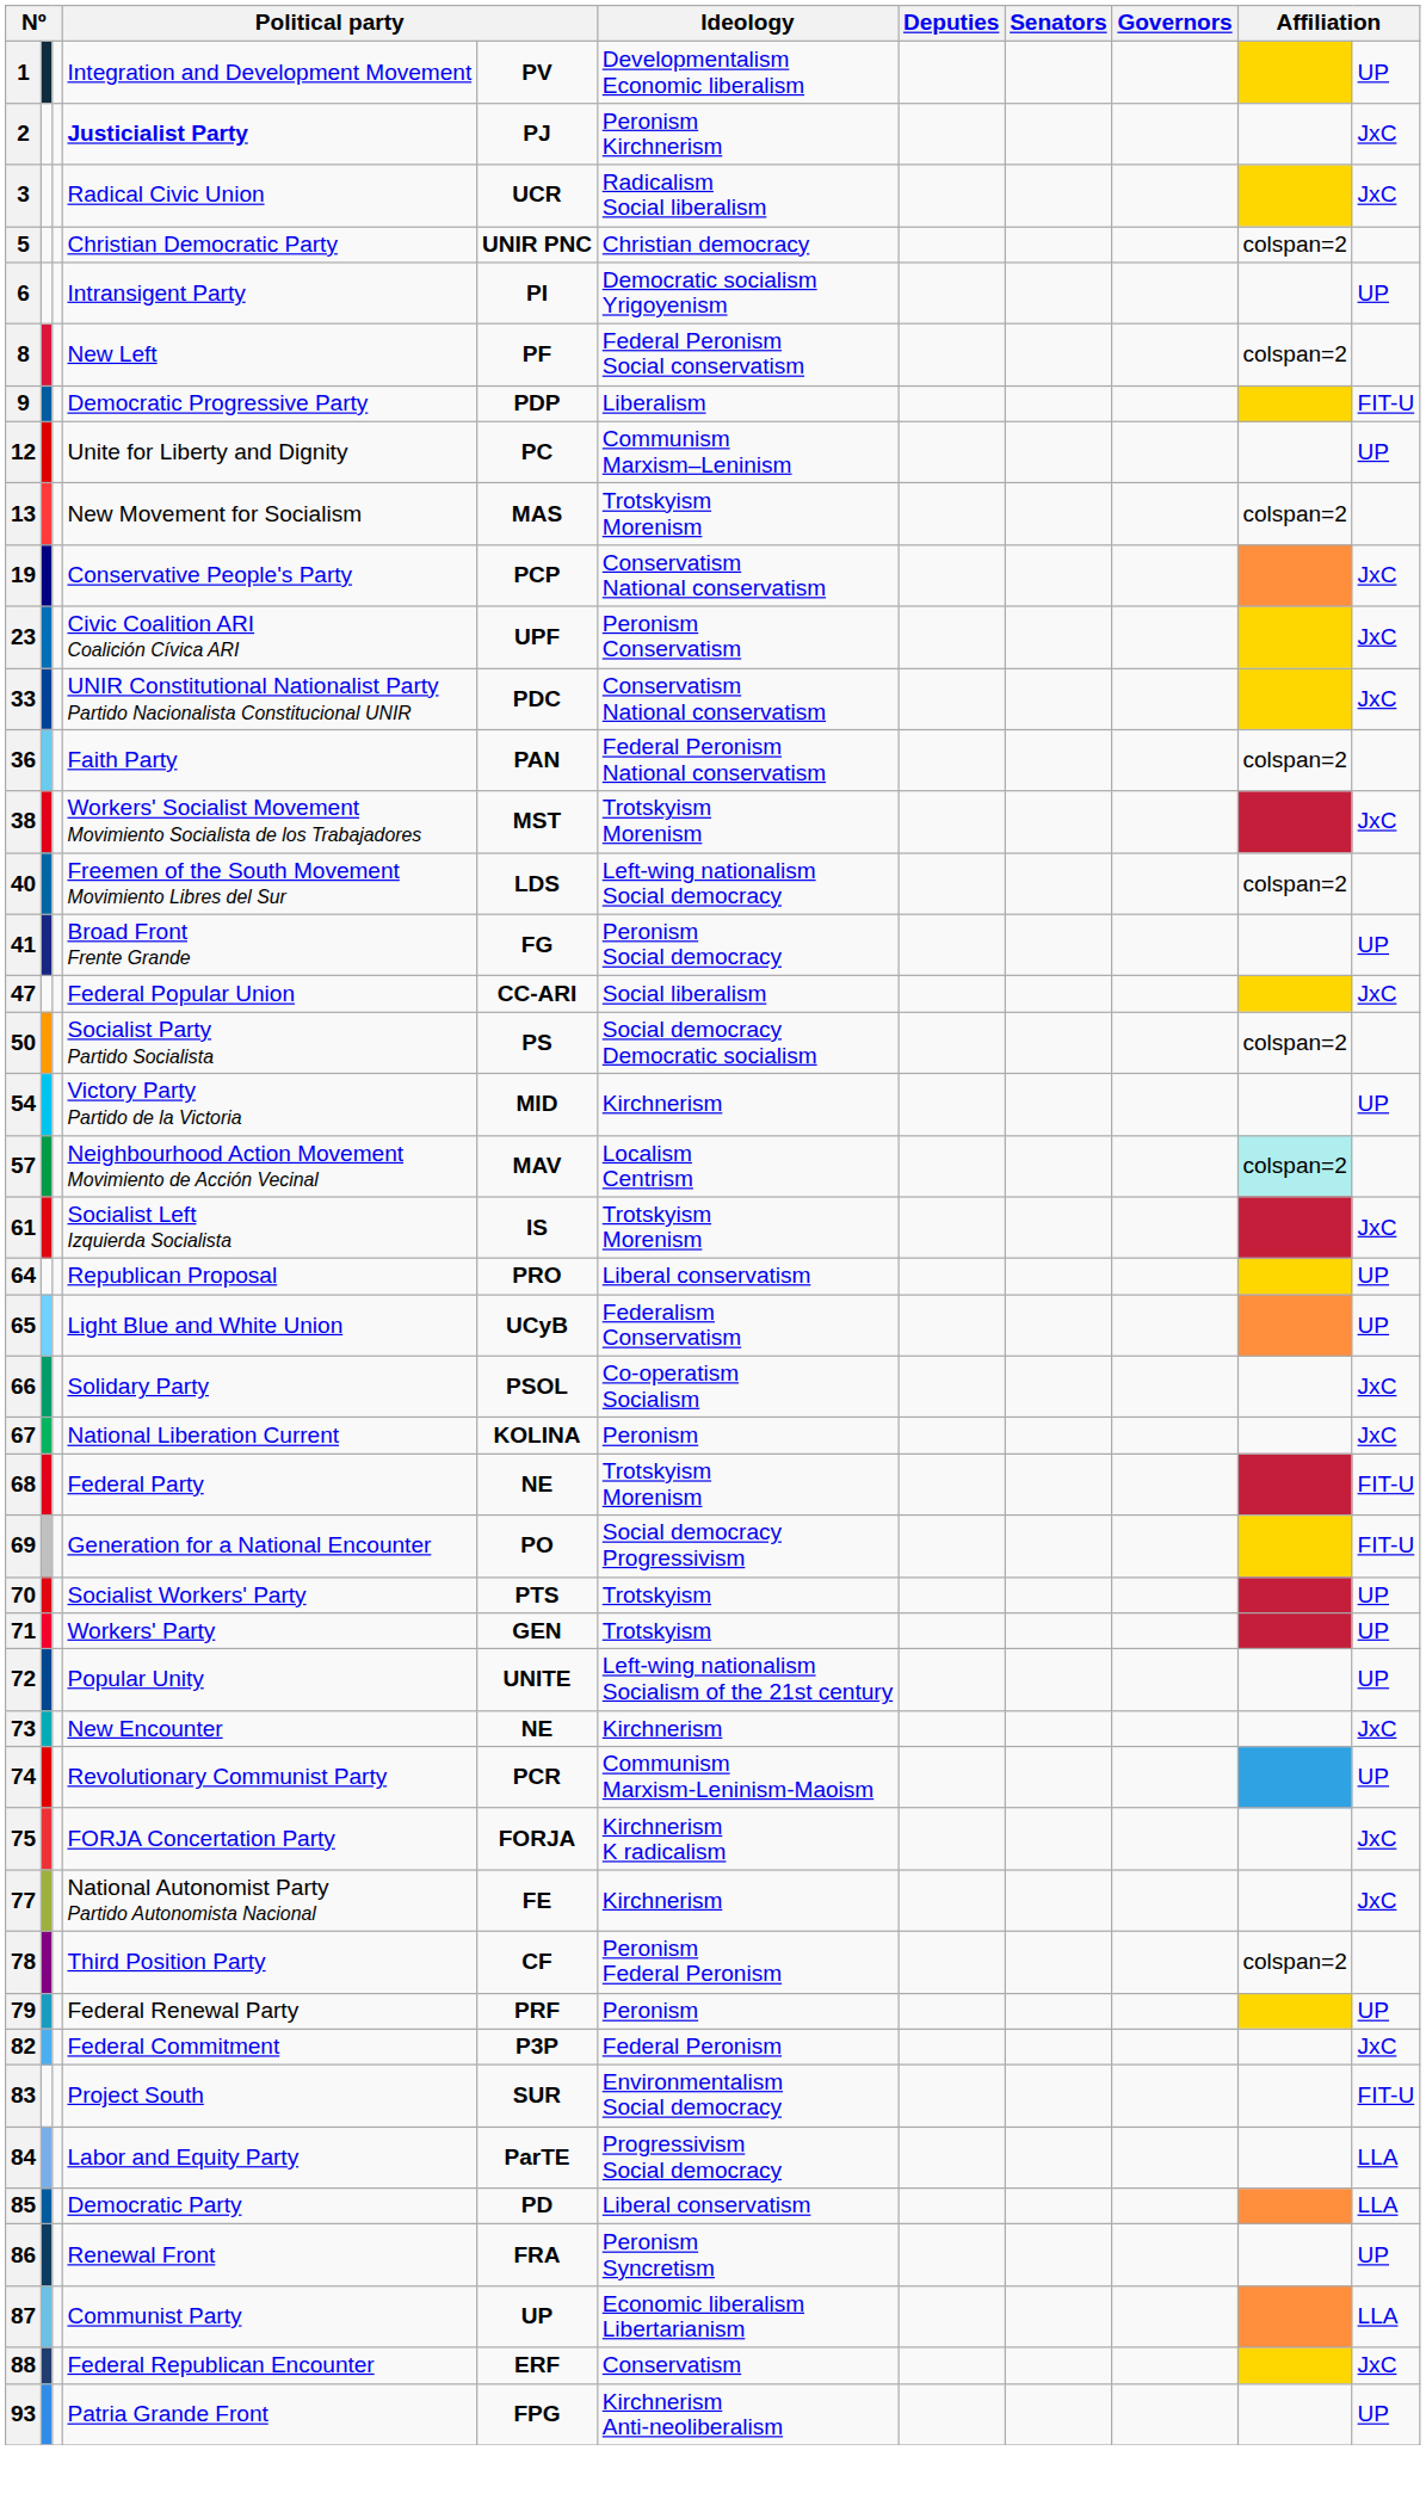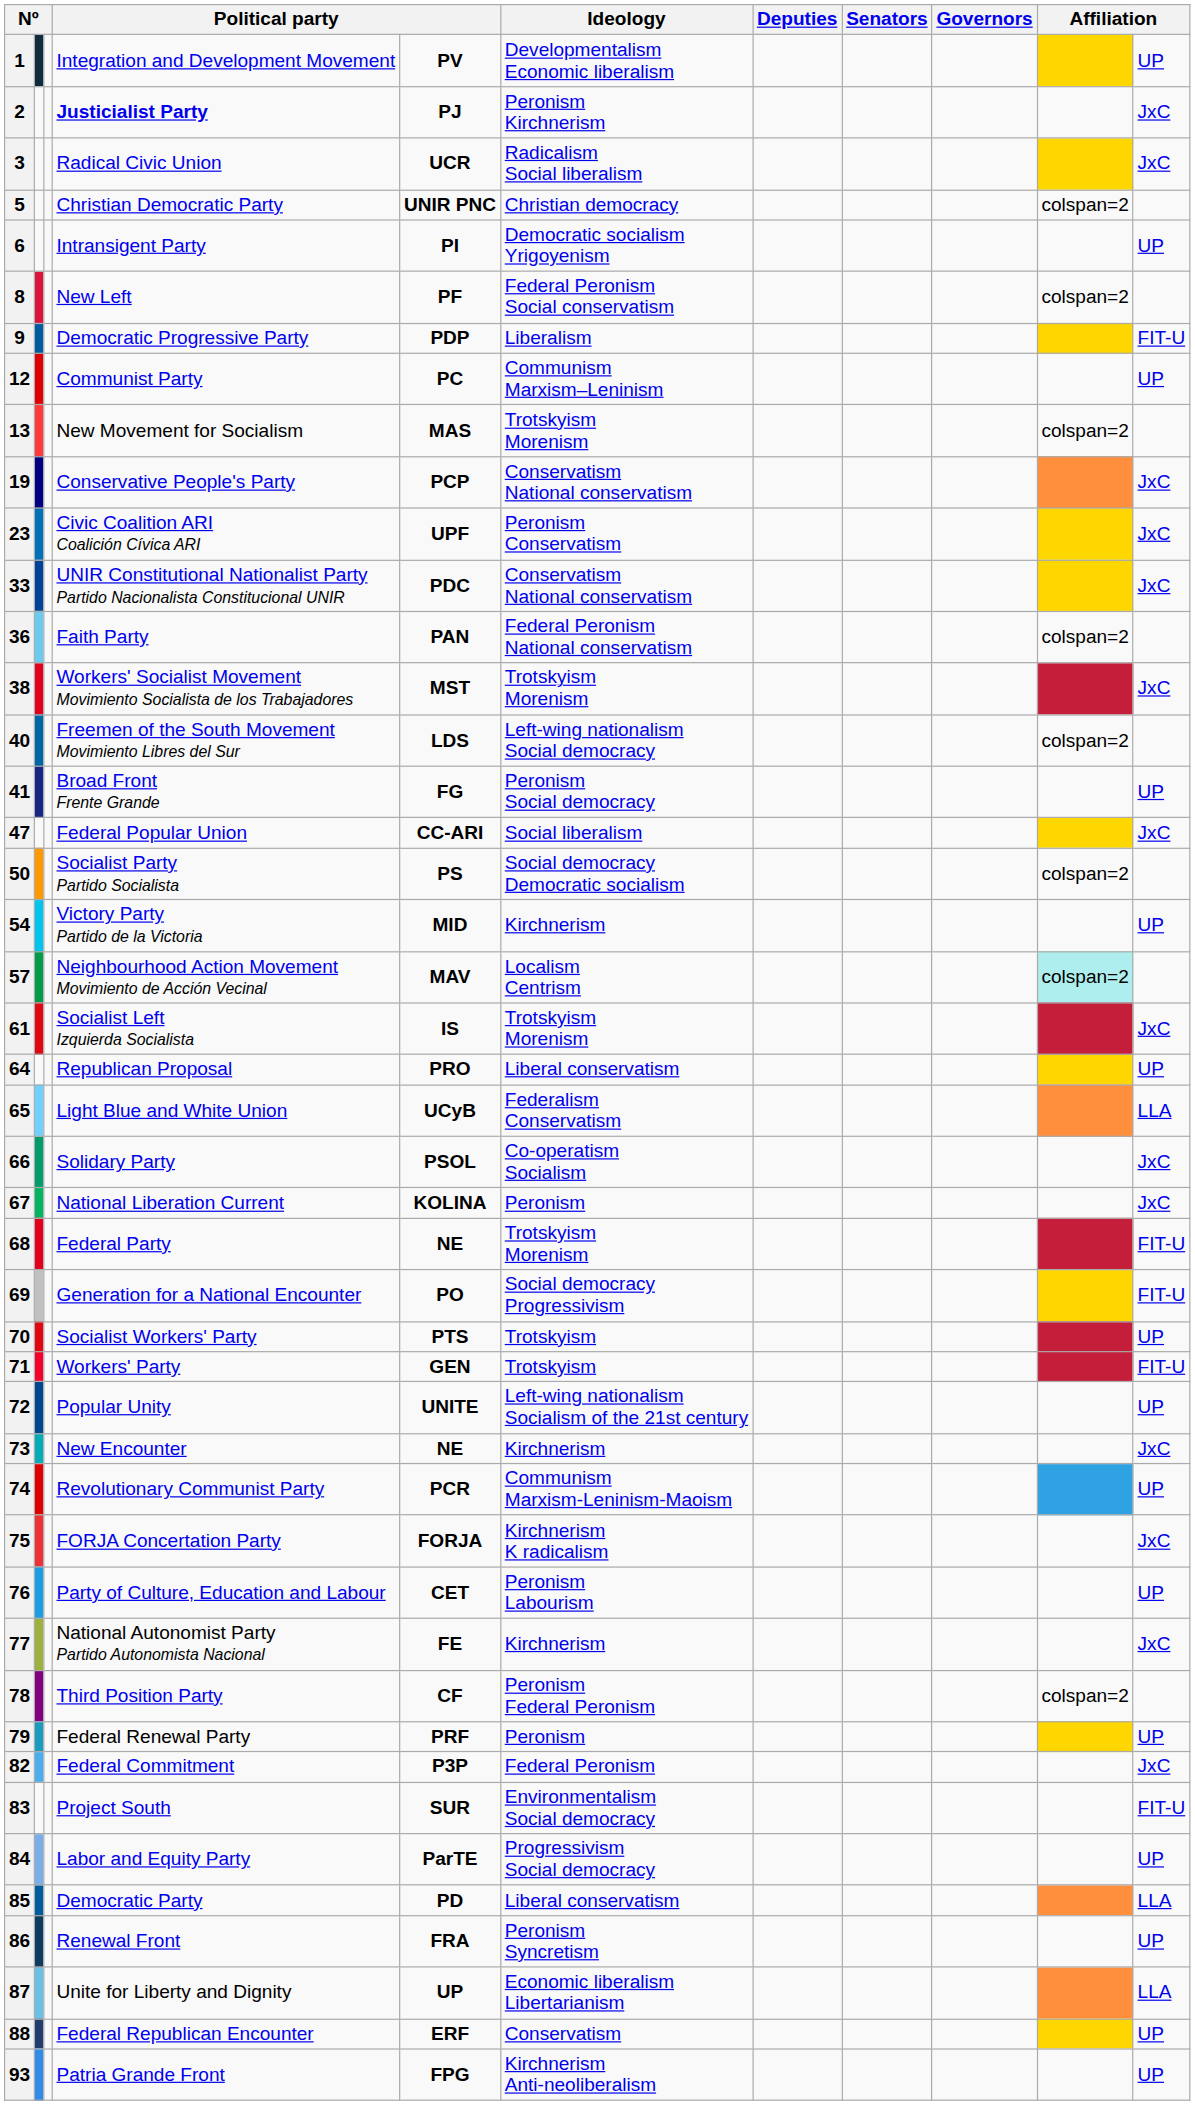 <table class="wikitable sortable">
 <tr>
 <th colspan=3>Nº</th>
 <th colspan=2>Political party</th>
 <th>Ideology</th>
 <th><a href='#'>Deputies</a></th>
 <th><a href='#'>Senators</a></th>
 <th><a href='#'>Governors</a></th>
 <th colspan=2>Affiliation</th>
 </tr>
 <tr>
 <th>1</th>
 <td style="background:#0F2B3D;"></td>
 <td></td>
 <td><a href='#'>Integration and Development Movement</a><br></td>
 <td align=center><strong>PV</strong></td>
 <td><a href='#'>Developmentalism</a><br><a href='#'>Economic liberalism</a></td>
 <td></td>
 <td></td>
 <td></td>
 <td style="background:#FFD700;"></td>
 <td><a href='#'>UP</a></td>
 </tr>
 <tr>
 <th>2</th>
 <td style="background:"></td>
 <td></td>
 <td><strong><a href='#'>Justicialist Party</a><br></strong></td>
 <td align=center><strong>PJ</strong></td>
 <td><a href='#'>Peronism</a><br><a href='#'>Kirchnerism</a></td>
 <td></td>
 <td></td>
 <td></td>
 <td style="background:"></td>
 <td><a href='#'>JxC</a></td>
 </tr>
 <tr>
 <th>3</th>
 <td style="background:"></td>
 <td></td>
 <td><a href='#'>Radical Civic Union</a><br></td>
 <td align=center><strong>UCR</strong></td>
 <td><a href='#'>Radicalism</a><br><a href='#'>Social liberalism</a></td>
 <td></td>
 <td></td>
 <td></td>
 <td style="background:#FFD700;"></td>
 <td><a href='#'>JxC</a></td>
 </tr>
 <tr>
 <th>5</th>
 <td style="background:"></td>
 <td align=center></td>
 <td><a href='#'>Christian Democratic Party</a><br></td>
 <td align=center><strong>UNIR PNC</strong></td>
 <td><a href='#'>Christian democracy</a></td>
 <td></td>
 <td></td>
 <td></td>
 <td>colspan=2 </td>
 </tr>
 <tr>
 <th>6</th>
 <td style="background:"></td>
 <td></td>
 <td><a href='#'>Intransigent Party</a><br></td>
 <td align=center><strong>PI</strong></td>
 <td><a href='#'>Democratic socialism</a><br><a href='#'>Yrigoyenism</a></td>
 <td></td>
 <td></td>
 <td></td>
 <td style="background:"></td>
 <td><a href='#'>UP</a></td>
 </tr>
 <tr>
 <th>8</th>
 <td style="background:#DC143C;"></td>
 <td></td>
 <td><a href='#'>New Left</a><br></td>
 <td align=center><strong>PF</strong></td>
 <td><a href='#'>Federal Peronism</a><br><a href='#'>Social conservatism</a></td>
 <td></td>
 <td></td>
 <td></td>
 <td>colspan=2 </td>
 </tr>
 <tr>
 <th>9</th>
 <td style="background:#005C9E;"></td>
 <td></td>
 <td><a href='#'>Democratic Progressive Party</a><br></td>
 <td align=center><strong>PDP</strong></td>
 <td><a href='#'>Liberalism</a></td>
 <td></td>
 <td></td>
 <td></td>
 <td style="background:#FFD700;"></td>
 <td><a href='#'>FIT-U</a></td>
 </tr>
 <tr>
 <th>12</th>
 <td style="background:#DF0101;"></td>
 <td align=center></td>
-<td>Unite for Liberty and Dignity<br></td>
+<td><a href='#'>Communist Party</a><br></td>
 <td align=center><strong>PC</strong></td>
 <td><a href='#'>Communism</a><br><a href='#'>Marxism–Leninism</a></td>
 <td></td>
 <td></td>
 <td></td>
 <td style="background:"></td>
 <td><a href='#'>UP</a></td>
 </tr>
 <tr>
 <th>13</th>
 <td style="background:#FE3A3B;"></td>
 <td></td>
 <td>New Movement for Socialism<br></td>
 <td align=center><strong>MAS</strong></td>
 <td><a href='#'>Trotskyism</a><br><a href='#'>Morenism</a></td>
 <td></td>
 <td></td>
 <td></td>
 <td>colspan=2 </td>
 </tr>
 <tr>
 <th>19</th>
 <td style="background:#000081;"></td>
 <td></td>
 <td><a href='#'>Conservative People's Party</a><br></td>
 <td align=center><strong>PCP</strong></td>
 <td><a href='#'>Conservatism</a><br><a href='#'>National conservatism</a></td>
 <td></td>
 <td></td>
 <td></td>
 <td style="background:#FF8E3D;"></td>
 <td><a href='#'>JxC</a></td>
 </tr>
 <tr>
 <th>23</th>
 <td style="background:#0070B8;"></td>
 <td></td>
 <td><a href='#'>Civic Coalition ARI</a><br><small><em>Coalición Cívica ARI</em></small></td>
 <td align=center><strong>UPF</strong></td>
 <td><a href='#'>Peronism</a><br><a href='#'>Conservatism</a></td>
 <td></td>
 <td></td>
 <td></td>
 <td style="background:#FFD700;"></td>
 <td><a href='#'>JxC</a></td>
 </tr>
 <tr>
 <th>33</th>
 <td style="background:#004298;"></td>
 <td></td>
 <td><a href='#'>UNIR Constitutional Nationalist Party</a><br><small><em>Partido Nacionalista Constitucional UNIR</em></small></td>
 <td align=center><strong>PDC</strong></td>
 <td><a href='#'>Conservatism</a><br><a href='#'>National conservatism</a></td>
 <td></td>
 <td></td>
 <td></td>
 <td style="background:#FFD700;"></td>
 <td><a href='#'>JxC</a></td>
 </tr>
 <tr>
 <th>36</th>
 <td style="background:#6ACBEE;"></td>
 <td></td>
 <td><a href='#'>Faith Party</a><br></td>
 <td align=center><strong>PAN</strong></td>
 <td><a href='#'>Federal Peronism</a><br><a href='#'>National conservatism</a></td>
 <td></td>
 <td></td>
 <td></td>
 <td>colspan=2 </td>
 </tr>
 <tr>
 <th>38</th>
 <td style="background:#E2001A;"></td>
 <td></td>
 <td><a href='#'>Workers' Socialist Movement</a><br><em><small>Movimiento Socialista de los Trabajadores</small></em></td>
 <td align=center><strong>MST</strong></td>
 <td><a href='#'>Trotskyism</a><br><a href='#'>Morenism</a></td>
 <td></td>
 <td></td>
 <td></td>
 <td style="background:#C51E3A;"></td>
 <td><a href='#'>JxC</a></td>
 </tr>
 <tr>
 <th>40</th>
 <td style="background:#0067A5;"></td>
 <td></td>
 <td><a href='#'>Freemen of the South Movement</a><br><small><em>Movimiento Libres del Sur</em></small></td>
 <td align=center><strong>LDS</strong></td>
 <td><a href='#'>Left-wing nationalism</a><br><a href='#'>Social democracy</a></td>
 <td></td>
 <td></td>
 <td></td>
 <td>colspan=2 </td>
 </tr>
 <tr>
 <th>41</th>
 <td style="background:#172683;"></td>
 <td></td>
 <td><a href='#'>Broad Front</a><br><small><em>Frente Grande</em></small></td>
 <td align=center><strong>FG</strong></td>
 <td><a href='#'>Peronism</a><br><a href='#'>Social democracy</a></td>
 <td></td>
 <td></td>
 <td></td>
 <td style="background:"></td>
 <td><a href='#'>UP</a></td>
 </tr>
 <tr>
 <th>47</th>
 <td style="background:"></td>
 <td></td>
 <td><a href='#'>Federal Popular Union</a><br></td>
 <td align=center><strong>CC-ARI</strong></td>
 <td><a href='#'>Social liberalism</a></td>
 <td></td>
 <td></td>
 <td></td>
 <td style="background:#FFD700;"></td>
 <td><a href='#'>JxC</a></td>
 </tr>
 <tr>
 <th>50</th>
 <td style="background:#FF9900;"></td>
 <td></td>
 <td><a href='#'>Socialist Party</a><br><small><em>Partido Socialista</em></small></td>
 <td align=center><strong>PS</strong></td>
 <td><a href='#'>Social democracy</a><br><a href='#'>Democratic socialism</a></td>
 <td></td>
 <td></td>
 <td></td>
 <td>colspan=2 </td>
 </tr>
 <tr>
 <th>54</th>
 <td style="background:#00C4F0;"></td>
 <td></td>
 <td><a href='#'>Victory Party</a><br><small><em>Partido de la Victoria</em></small></td>
 <td align=center><strong>MID</strong></td>
 <td><a href='#'>Kirchnerism</a></td>
 <td></td>
 <td></td>
 <td></td>
 <td style="background:"></td>
 <td><a href='#'>UP</a></td>
 </tr>
 <tr>
 <th>57</th>
 <td style="background:#029B48"></td>
 <td></td>
 <td><a href='#'>Neighbourhood Action Movement</a><br><small><em>Movimiento de Acción Vecinal</em></small></td>
 <td align=center><strong>MAV</strong></td>
 <td><a href='#'>Localism</a><br><a href='#'>Centrism</a></td>
 <td></td>
 <td></td>
 <td></td>
 <td style="background: paleturquoise;">colspan=2 </td>
 </tr>
 <tr>
 <th>61</th>
 <td style="background:#E00712"></td>
 <td></td>
 <td><a href='#'>Socialist Left</a><br><small><em>Izquierda Socialista</em></small></td>
 <td align=center><strong>IS</strong></td>
 <td><a href='#'>Trotskyism</a><br><a href='#'>Morenism</a></td>
 <td></td>
 <td></td>
 <td></td>
 <td style="background:#C51E3A;"></td>
 <td><a href='#'>JxC</a></td>
 </tr>
 <tr>
 <th>64</th>
 <td style="background:"></td>
 <td></td>
 <td><a href='#'>Republican Proposal</a><br></td>
 <td align=center><strong>PRO</strong></td>
 <td><a href='#'>Liberal conservatism</a></td>
 <td></td>
 <td></td>
 <td></td>
 <td style="background:#FFD700;"></td>
 <td><a href='#'>UP</a></td>
 </tr>
 <tr>
 <th>65</th>
 <td style="background:#70D1FE"></td>
 <td></td>
 <td><a href='#'>Light Blue and White Union</a><br></td>
 <td align=center><strong>UCyB</strong></td>
 <td><a href='#'>Federalism</a><br><a href='#'>Conservatism</a></td>
 <td></td>
 <td></td>
 <td></td>
 <td style="background:#FF8E3D;"></td>
-<td><a href='#'>UP</a></td>
+<td><a href='#'>LLA</a></td>
 </tr>
 <tr>
 <th>66</th>
 <td style="background:#029C6A"></td>
 <td></td>
 <td><a href='#'>Solidary Party</a><br></td>
 <td align=center><strong>PSOL</strong></td>
 <td><a href='#'>Co-operatism</a><br><a href='#'>Socialism</a></td>
 <td></td>
 <td></td>
 <td></td>
 <td style="background:"></td>
 <td><a href='#'>JxC</a></td>
 </tr>
 <tr>
 <th>67</th>
 <td style="background:#04B45F"></td>
 <td></td>
 <td><a href='#'>National Liberation Current</a><br></td>
 <td align=center><strong>KOLINA</strong></td>
 <td><a href='#'>Peronism</a></td>
 <td></td>
 <td></td>
 <td></td>
 <td style="background:"></td>
 <td><a href='#'>JxC</a></td>
 </tr>
 <tr>
 <th>68</th>
 <td style="background:#E2001A;"></td>
 <td></td>
 <td><a href='#'>Federal Party</a><br></td>
 <td align=center><strong>NE</strong></td>
 <td><a href='#'>Trotskyism</a><br><a href='#'>Morenism</a></td>
 <td></td>
 <td></td>
 <td></td>
 <td style="background:#C51E3A;"></td>
 <td><a href='#'>FIT-U</a></td>
 </tr>
 <tr>
 <th>69</th>
 <td style="background:#C0C0C0"></td>
 <td></td>
 <td><a href='#'>Generation for a National Encounter</a><br></td>
 <td align=center><strong>PO</strong></td>
 <td><a href='#'>Social democracy</a><br><a href='#'>Progressivism</a></td>
 <td></td>
 <td></td>
 <td></td>
 <td style="background:#FFD700;"></td>
 <td><a href='#'>FIT-U</a></td>
 </tr>
 <tr>
 <th>70</th>
 <td style="background:#E00712"></td>
 <td></td>
 <td><a href='#'>Socialist Workers' Party</a><br></td>
 <td align=center><strong>PTS</strong></td>
 <td><a href='#'>Trotskyism</a></td>
 <td></td>
 <td></td>
 <td></td>
 <td style="background:#C51E3A;"></td>
 <td><a href='#'>UP</a></td>
 </tr>
 <tr>
 <th>71</th>
 <td bgcolor=#F4022E></td>
 <td></td>
 <td><a href='#'>Workers' Party</a><br></td>
 <td align=center><strong>GEN</strong></td>
 <td><a href='#'>Trotskyism</a></td>
 <td></td>
 <td></td>
 <td></td>
 <td style="background:#C51E3A;"></td>
-<td><a href='#'>UP</a></td>
+<td><a href='#'>FIT-U</a></td>
 </tr>
 <tr>
 <th>72</th>
 <td style="background:#00478F;"></td>
 <td></td>
 <td><a href='#'>Popular Unity</a><br></td>
 <td align=center><strong>UNITE</strong></td>
 <td><a href='#'>Left-wing nationalism</a><br><a href='#'>Socialism of the 21st century</a></td>
 <td></td>
 <td></td>
 <td></td>
 <td style="background:"></td>
 <td><a href='#'>UP</a></td>
 </tr>
 <tr>
 <th>73</th>
 <td style="background:#03ACB6;"></td>
 <td></td>
 <td><a href='#'>New Encounter</a><br></td>
 <td align=center><strong>NE</strong></td>
 <td><a href='#'>Kirchnerism</a></td>
 <td></td>
 <td></td>
 <td></td>
 <td style="background:"></td>
 <td><a href='#'>JxC</a></td>
 </tr>
 <tr>
 <th>74</th>
 <td style="background:#E00000;"></td>
 <td></td>
 <td><a href='#'>Revolutionary Communist Party</a><br></td>
 <td align=center><strong>PCR</strong></td>
 <td><a href='#'>Communism</a><br><a href='#'>Marxism-Leninism-Maoism</a></td>
 <td></td>
 <td></td>
 <td></td>
 <td style="background:#2EA2E2;"></td>
 <td><a href='#'>UP</a></td>
 </tr>
 <tr>
 <th>75</th>
 <td style="background:#ed3237;"></td>
 <td></td>
 <td><a href='#'>FORJA Concertation Party</a><br></td>
 <td align=center><strong>FORJA</strong></td>
 <td><a href='#'>Kirchnerism</a><br><a href='#'>K radicalism</a></td>
 <td></td>
 <td></td>
 <td></td>
 <td style="background:"></td>
 <td><a href='#'>JxC</a></td>
+</tr>
+<tr>
+<th>76</th>
+<td style="background:#1B9EE6;"></td>
+<td></td>
+<td><a href='#'>Party of Culture, Education and Labour</a><br></td>
+<td align=center><strong>CET</strong></td>
+<td><a href='#'>Peronism</a><br><a href='#'>Labourism</a></td>
+<td></td>
+<td></td>
+<td></td>
+<td style="background:"></td>
+<td><a href='#'>UP</a></td>
 </tr>
 <tr>
 <th>77</th>
 <td style="background:#9DB13E;"></td>
 <td></td>
 <td>National Autonomist Party<br><small><em>Partido Autonomista Nacional</em></small></td>
 <td align=center><strong>FE</strong></td>
 <td><a href='#'>Kirchnerism</a></td>
 <td></td>
 <td></td>
 <td></td>
 <td style="background:"></td>
 <td><a href='#'>JxC</a></td>
 </tr>
 <tr>
 <th>78</th>
 <td style="background:#810182;"></td>
 <td></td>
 <td><a href='#'>Third Position Party</a><br></td>
 <td align=center><strong>CF</strong></td>
 <td><a href='#'>Peronism</a><br><a href='#'>Federal Peronism</a></td>
 <td></td>
 <td></td>
 <td></td>
 <td>colspan=2 </td>
 </tr>
 <tr>
 <th>79</th>
 <td style="background:#199CBF;"></td>
 <td></td>
 <td>Federal Renewal Party<br></td>
 <td align=center><strong>PRF</strong></td>
 <td><a href='#'>Peronism</a></td>
 <td></td>
 <td></td>
 <td></td>
 <td style="background:#FFD700;"></td>
 <td><a href='#'>UP</a></td>
 </tr>
 <tr>
 <th>82</th>
 <td style="background:#4BAEEF;"></td>
 <td></td>
 <td><a href='#'>Federal Commitment</a><br></td>
 <td align=center><strong>P3P</strong></td>
 <td><a href='#'>Federal Peronism</a></td>
 <td></td>
 <td></td>
 <td></td>
 <td style="background:"></td>
 <td><a href='#'>JxC</a></td>
 </tr>
 <tr>
 <th>83</th>
 <td style="background:"></td>
 <td></td>
 <td><a href='#'>Project South</a><br></td>
 <td align=center><strong>SUR</strong></td>
 <td><a href='#'>Environmentalism</a><br><a href='#'>Social democracy</a></td>
 <td></td>
 <td></td>
 <td></td>
 <td style="background:"></td>
 <td><a href='#'>FIT-U</a></td>
 </tr>
 <tr>
 <th>84</th>
 <td style="background:#7AAEE8;"></td>
 <td></td>
 <td><a href='#'>Labor and Equity Party</a><br></td>
 <td align=center><strong>ParTE</strong></td>
 <td><a href='#'>Progressivism</a><br><a href='#'>Social democracy</a></td>
 <td></td>
 <td></td>
 <td></td>
 <td style="background:"></td>
-<td><a href='#'>LLA</a></td>
+<td><a href='#'>UP</a></td>
 </tr>
 <tr>
 <th>85</th>
 <td style="background:#005C9D;"></td>
 <td></td>
 <td><a href='#'>Democratic Party</a><br></td>
 <td align=center><strong>PD</strong></td>
 <td><a href='#'>Liberal conservatism</a></td>
 <td></td>
 <td></td>
 <td></td>
 <td style="background:#FF8E3D;"></td>
 <td><a href='#'>LLA</a></td>
 </tr>
 <tr>
 <th>86</th>
 <td style="background:#0E3C60;"></td>
 <td></td>
 <td><a href='#'>Renewal Front</a><br></td>
 <td align=center><strong>FRA</strong></td>
 <td><a href='#'>Peronism</a><br><a href='#'>Syncretism</a></td>
 <td></td>
 <td></td>
 <td></td>
 <td style="background:"></td>
 <td><a href='#'>UP</a></td>
 </tr>
 <tr>
 <th>87</th>
 <td style="background:#6AC1E5;"></td>
 <td></td>
-<td><a href='#'>Communist Party</a><br></td>
+<td>Unite for Liberty and Dignity<br></td>
 <td align=center><strong>UP</strong></td>
 <td><a href='#'>Economic liberalism</a><br><a href='#'>Libertarianism</a></td>
 <td></td>
 <td></td>
 <td></td>
 <td style="background:#FF8E3D;"></td>
 <td><a href='#'>LLA</a></td>
 </tr>
 <tr>
 <th>88</th>
 <td style="background:#213C6E;"></td>
 <td></td>
 <td><a href='#'>Federal Republican Encounter</a><br></td>
 <td align=center><strong>ERF</strong></td>
 <td><a href='#'>Conservatism</a></td>
 <td></td>
 <td></td>
 <td></td>
 <td style="background:#FFD700;"></td>
-<td><a href='#'>JxC</a></td>
+<td><a href='#'>UP</a></td>
 </tr>
 <tr>
 <th>93</th>
 <td style="background:#318CE7;"></td>
 <td></td>
 <td><a href='#'>Patria Grande Front</a><br></td>
 <td align=center><strong>FPG</strong></td>
 <td><a href='#'>Kirchnerism</a><br><a href='#'>Anti-neoliberalism</a><br></td>
 <td></td>
 <td></td>
 <td></td>
 <td style="background:"></td>
 <td><a href='#'>UP</a></td>
 </tr>
 </table>
